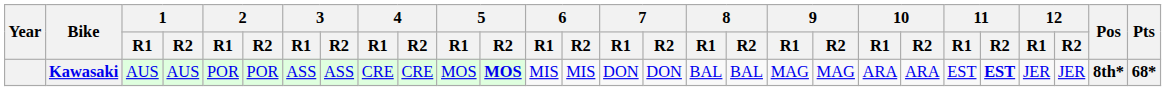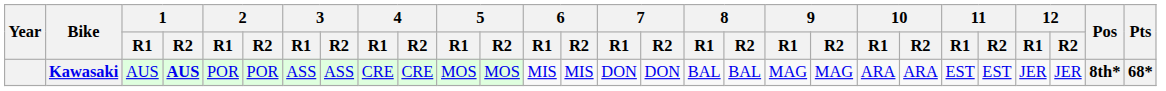 <table class="wikitable" style="text-align:center; font-size:90%;">
 <tr>
 <th rowspan="2">Year</th>
 <th rowspan="2">Bike</th>
 <th colspan="2">1</th>
 <th colspan="2">2</th>
 <th colspan="2">3</th>
 <th colspan="2">4</th>
 <th colspan="2">5</th>
 <th colspan="2">6</th>
 <th colspan="2">7</th>
 <th colspan="2">8</th>
 <th colspan="2">9</th>
 <th colspan="2">10</th>
 <th colspan="2">11</th>
 <th colspan="2">12</th>
 <th rowspan="2">Pos</th>
 <th rowspan="2">Pts</th>
 </tr>
 <tr>
 <th>R1</th>
 <th>R2</th>
 <th>R1</th>
 <th>R2</th>
 <th>R1</th>
 <th>R2</th>
 <th>R1</th>
 <th>R2</th>
 <th>R1</th>
 <th>R2</th>
 <th>R1</th>
 <th>R2</th>
 <th>R1</th>
 <th>R2</th>
 <th>R1</th>
 <th>R2</th>
 <th>R1</th>
 <th>R2</th>
 <th>R1</th>
 <th>R2</th>
 <th>R1</th>
 <th>R2</th>
 <th>R1</th>
 <th>R2</th>
 </tr>
 <tr>
 <th></th>
 <th><a href='#'>Kawasaki</a></th>
 <td style="background:#DFFFDF;"><a href='#'>AUS</a><br></td>
-<td style="background:#DFFFDF;"><a href='#'>AUS</a><br></td>
+<td style="background:#DFFFDF;"><strong><a href='#'>AUS</a><br></strong></td>
 <td style="background:#DFFFDF;"><a href='#'>POR</a><br></td>
 <td style="background:#DFFFDF;"><a href='#'>POR</a><br></td>
 <td style="background:#DFFFDF;"><a href='#'>ASS</a><br></td>
 <td style="background:#DFFFDF;"><a href='#'>ASS</a><br></td>
 <td style="background:#DFFFDF;"><a href='#'>CRE</a><br></td>
 <td style="background:#DFFFDF;"><a href='#'>CRE</a><br></td>
 <td style="background:#DFFFDF;"><a href='#'>MOS</a><br></td>
-<td style="background:#DFFFDF;"><strong><a href='#'>MOS</a><br></strong></td>
+<td style="background:#DFFFDF;"><a href='#'>MOS</a><br></td>
 <td style="background:#;"><a href='#'>MIS</a><br></td>
 <td style="background:#;"><a href='#'>MIS</a><br></td>
 <td style="background:#;"><a href='#'>DON</a><br></td>
 <td style="background:#;"><a href='#'>DON</a><br></td>
 <td style="background:#;"><a href='#'>BAL</a><br></td>
 <td style="background:#;"><a href='#'>BAL</a><br></td>
 <td style="background:#;"><a href='#'>MAG</a><br></td>
 <td style="background:#;"><a href='#'>MAG</a><br></td>
 <td style="background:#;"><a href='#'>ARA</a><br></td>
 <td style="background:#;"><a href='#'>ARA</a><br></td>
 <td style="background:#;"><a href='#'>EST</a><br></td>
-<td style="background:#;"><strong><a href='#'>EST</a><br></strong></td>
+<td style="background:#;"><a href='#'>EST</a><br></td>
 <td style="background:#;"><a href='#'>JER</a><br></td>
 <td style="background:#;"><a href='#'>JER</a><br></td>
 <th>8th*</th>
 <th>68*</th>
 </tr>
 </table>
